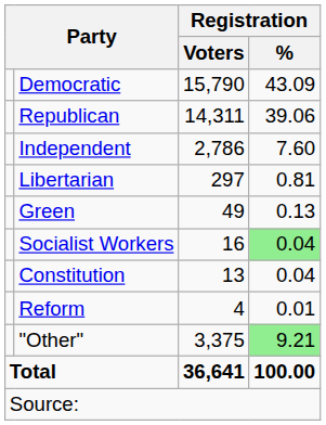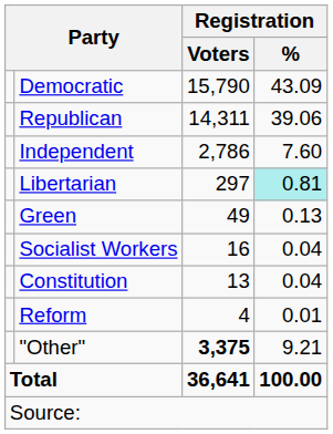 <table class="wikitable">
 <tr>
 <th colspan="2" rowspan="2">Party</th>
 <th colspan="2">Registration</th>
 </tr>
 <tr>
 <th>Voters</th>
 <th>%</th>
 </tr>
 <tr>
 <td style="background-color:"></td>
 <td><a href='#'>Democratic</a></td>
 <td style="text-align:right;">15,790</td>
 <td style="text-align:right;">43.09</td>
 </tr>
 <tr>
 <td style="background-color:"></td>
 <td><a href='#'>Republican</a></td>
 <td style="text-align:right;">14,311</td>
 <td style="text-align:right;">39.06</td>
 </tr>
 <tr>
 <td style="background-color:"></td>
 <td><a href='#'>Independent</a></td>
 <td style="text-align:right;">2,786</td>
 <td style="text-align:right;">7.60</td>
 </tr>
 <tr>
 <td style="background-color:"></td>
 <td><a href='#'>Libertarian</a></td>
 <td style="text-align:right;">297</td>
-<td style="text-align:right;">0.81</td>
+<td style="background: paleturquoise; text-align:right;">0.81</td>
 </tr>
 <tr>
 <td style="background-color:"></td>
 <td><a href='#'>Green</a></td>
 <td style="text-align:right;">49</td>
 <td style="text-align:right;">0.13</td>
 </tr>
 <tr>
 <td style="background-color:"></td>
 <td><a href='#'>Socialist Workers</a></td>
 <td style="text-align:right;">16</td>
-<td style="background: lightgreen; text-align:right;">0.04</td>
+<td style="text-align:right;">0.04</td>
 </tr>
 <tr>
 <td style="background-color:"></td>
 <td><a href='#'>Constitution</a></td>
 <td style="text-align:right;">13</td>
 <td style="text-align:right;">0.04</td>
 </tr>
 <tr>
 <td style="background-color:"></td>
 <td><a href='#'>Reform</a></td>
 <td style="text-align:right;">4</td>
 <td style="text-align:right;">0.01</td>
 </tr>
 <tr>
 <td></td>
 <td>"Other"</td>
-<td style="text-align:right;">3,375</td>
-<td style="background: lightgreen; text-align:right;">9.21</td>
+<td style="text-align:right;"><strong>3,375</strong></td>
+<td style="text-align:right;">9.21</td>
 </tr>
 <tr>
 <td colspan="2"><strong>Total</strong></td>
 <td style="text-align:right;"><strong>36,641</strong></td>
 <td style="text-align:right;"><strong>100.00</strong></td>
 </tr>
 <tr>
 <td colspan="4">Source: <em></em></td>
 </tr>
 </table>
